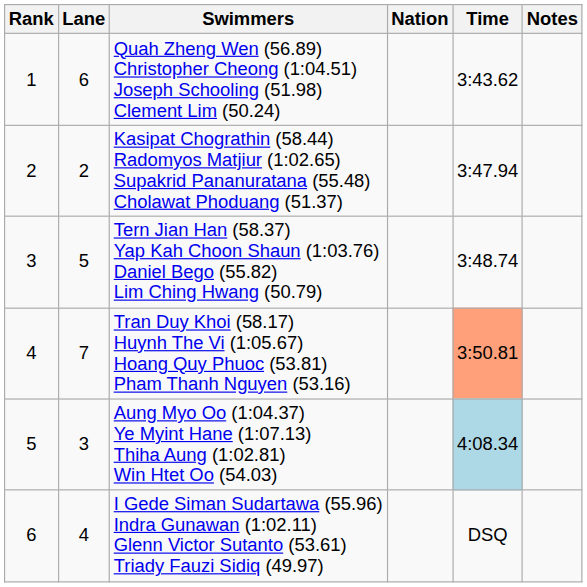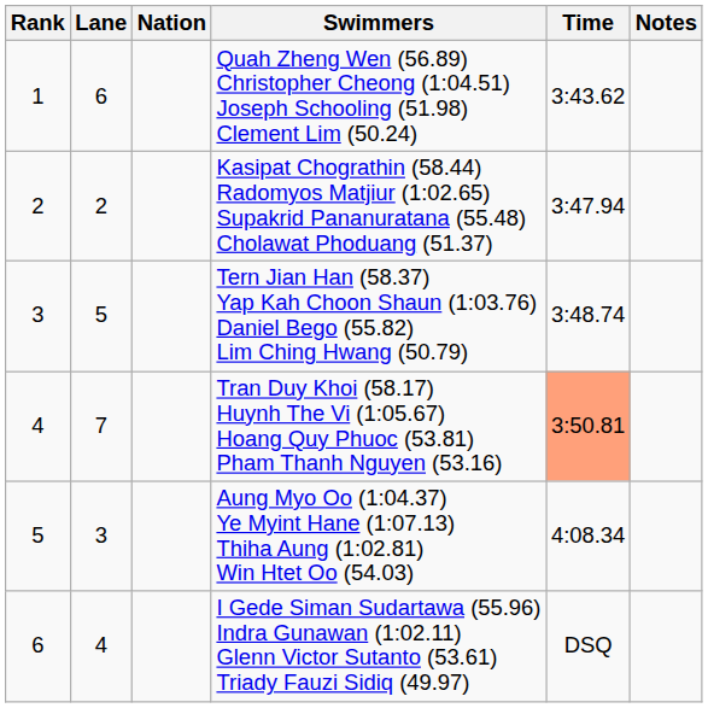 <table class="wikitable sortable" style="text-align:center">
 <tr>
 <th>Rank</th>
 <th>Lane</th>
+<th>Nation</th>
 <th>Swimmers</th>
-<th>Nation</th>
 <th>Time</th>
 <th>Notes</th>
 </tr>
 <tr>
 <td>1</td>
 <td>6</td>
+<td align=left></td>
 <td align=left><a href='#'>Quah Zheng Wen</a> (56.89)<br><a href='#'>Christopher Cheong</a> (1:04.51)<br><a href='#'>Joseph Schooling</a> (51.98)<br><a href='#'>Clement Lim</a> (50.24)</td>
-<td align=left></td>
 <td>3:43.62</td>
 <td></td>
 </tr>
 <tr>
 <td>2</td>
 <td>2</td>
+<td align=left></td>
 <td align=left><a href='#'>Kasipat Chograthin</a> (58.44)<br><a href='#'>Radomyos Matjiur</a> (1:02.65)<br><a href='#'>Supakrid Pananuratana</a> (55.48)<br><a href='#'>Cholawat Phoduang</a> (51.37)</td>
-<td align=left></td>
 <td>3:47.94</td>
 <td></td>
 </tr>
 <tr>
 <td>3</td>
 <td>5</td>
+<td align=left></td>
 <td align=left><a href='#'>Tern Jian Han</a> (58.37)<br><a href='#'>Yap Kah Choon Shaun</a> (1:03.76)<br><a href='#'>Daniel Bego</a> (55.82)<br><a href='#'>Lim Ching Hwang</a> (50.79)</td>
-<td align=left></td>
 <td>3:48.74</td>
 <td></td>
 </tr>
 <tr>
 <td>4</td>
 <td>7</td>
+<td align=left></td>
 <td align=left><a href='#'>Tran Duy Khoi</a> (58.17) <br><a href='#'>Huynh The Vi</a> (1:05.67)<br><a href='#'>Hoang Quy Phuoc</a> (53.81)<br><a href='#'>Pham Thanh Nguyen</a> (53.16)</td>
-<td align=left></td>
 <td style="background: lightsalmon;">3:50.81</td>
 <td></td>
 </tr>
 <tr>
 <td>5</td>
 <td>3</td>
+<td align=left></td>
 <td align=left><a href='#'>Aung Myo Oo</a> (1:04.37)<br><a href='#'>Ye Myint Hane</a> (1:07.13)<br><a href='#'>Thiha Aung</a> (1:02.81)<br><a href='#'>Win Htet Oo</a> (54.03)</td>
-<td align=left></td>
-<td style="background: lightblue;">4:08.34</td>
+<td>4:08.34</td>
 <td></td>
 </tr>
 <tr>
 <td>6</td>
 <td>4</td>
+<td align=left></td>
 <td align=left><a href='#'>I Gede Siman Sudartawa</a> (55.96)<br><a href='#'>Indra Gunawan</a> (1:02.11)<br><a href='#'>Glenn Victor Sutanto</a> (53.61)<br><a href='#'>Triady Fauzi Sidiq</a> (49.97)</td>
-<td align=left></td>
 <td>DSQ</td>
 <td></td>
 </tr>
 </table>
